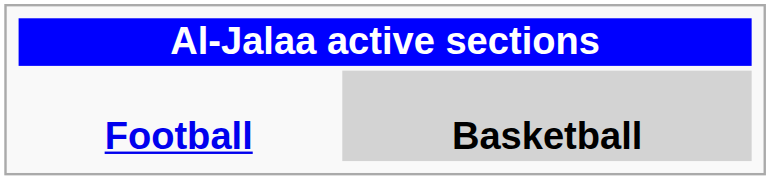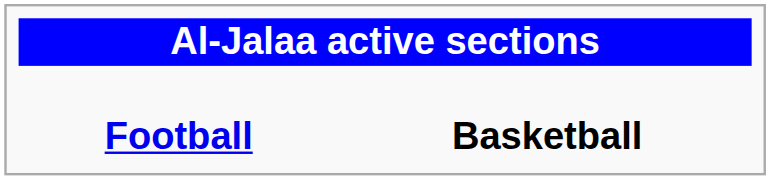 <table class="infobox" style="width: 20em; font-size: 95%em;">
 <tr style="color:#FFFFFF; background:#0000FF; text-align:center;">
 <th colspan="3">Al-Jalaa active sections</th>
 </tr>
 <tr style="text-align: center">
 <td><br><strong><a href='#'>Football</a></strong></td>
-<td style="background: lightgrey;"><br><strong>Basketball</strong></td>
+<td><br><strong>Basketball</strong></td>
 </tr>
 </table>
